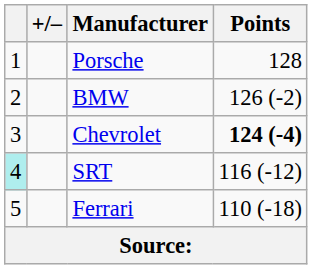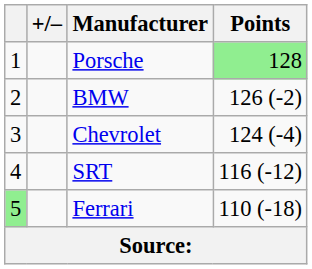 <table class="wikitable" style="font-size: 95%;">
 <tr>
 <th scope="col"></th>
 <th scope="col">+/–</th>
 <th scope="col">Manufacturer</th>
 <th scope="col">Points</th>
 </tr>
 <tr>
 <td align=center>1</td>
 <td align="left"></td>
 <td> <a href='#'>Porsche</a></td>
-<td align=right>128</td>
+<td align=right style="background: lightgreen;">128</td>
 </tr>
 <tr>
 <td align=center>2</td>
 <td align="left"></td>
 <td> <a href='#'>BMW</a></td>
 <td align=right>126 (-2)</td>
 </tr>
 <tr>
 <td align=center>3</td>
 <td align="left"></td>
 <td> <a href='#'>Chevrolet</a></td>
-<td align=right><strong>124 (-4)</strong></td>
+<td align=right>124 (-4)</td>
 </tr>
 <tr>
-<td align=center style="background: paleturquoise;">4</td>
+<td align=center>4</td>
 <td align="left"></td>
 <td> <a href='#'>SRT</a></td>
 <td align=right>116 (-12)</td>
 </tr>
 <tr>
-<td align=center>5</td>
+<td align=center style="background: lightgreen;">5</td>
 <td align="left"></td>
 <td> <a href='#'>Ferrari</a></td>
 <td align=right>110 (-18)</td>
 </tr>
 <tr>
 <th colspan=5>Source:</th>
 </tr>
 </table>
